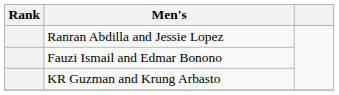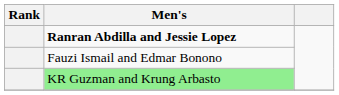 <table class="wikitable" style="text-align: center;">
 <tr>
 <th width=40>Rank</th>
 <th width=290>Men's</th>
 <th width=40></th>
 </tr>
 <tr>
 <th></th>
-<td style="text-align:left;">Ranran Abdilla and Jessie Lopez </td>
+<td style="text-align:left;"><strong>Ranran Abdilla and Jessie Lopez </strong></td>
 <td rowspan=3></td>
 </tr>
 <tr>
 <th></th>
 <td style="text-align:left;">Fauzi Ismail and Edmar Bonono </td>
 </tr>
 <tr>
 <th></th>
-<td style="text-align:left;">KR Guzman and Krung Arbasto </td>
+<td style="background: lightgreen; text-align:left;">KR Guzman and Krung Arbasto </td>
 </tr>
 <tr>
 </tr>
 </table>
